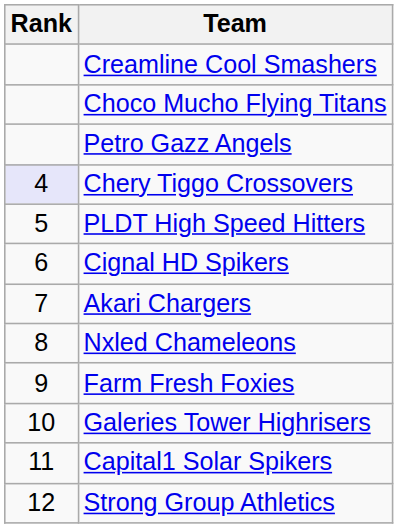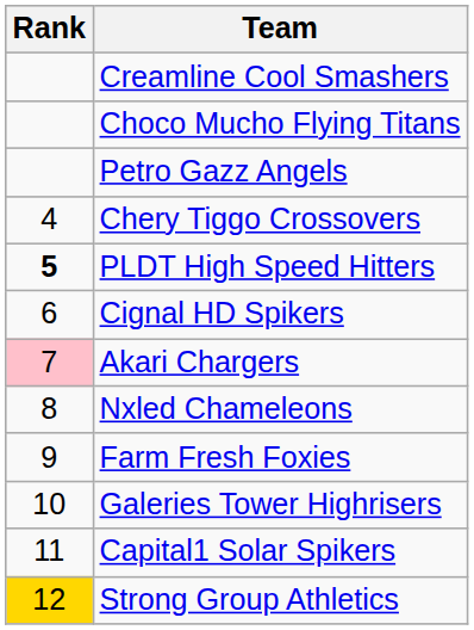 <table class="wikitable" style="text-align: center">
 <tr>
 <th>Rank</th>
 <th>Team</th>
 </tr>
 <tr>
 <td></td>
 <td style="text-align:left"><a href='#'>Creamline Cool Smashers</a></td>
 </tr>
 <tr>
 <td></td>
 <td style="text-align:left"><a href='#'>Choco Mucho Flying Titans</a></td>
 </tr>
 <tr>
 <td></td>
 <td style="text-align:left"><a href='#'>Petro Gazz Angels</a></td>
 </tr>
 <tr>
-<td style="background: lavender;">4</td>
+<td>4</td>
 <td style="text-align:left"><a href='#'>Chery Tiggo Crossovers</a></td>
 </tr>
 <tr>
-<td>5</td>
+<td><strong>5</strong></td>
 <td style="text-align:left"><a href='#'>PLDT High Speed Hitters</a></td>
 </tr>
 <tr>
 <td>6</td>
 <td style="text-align:left"><a href='#'>Cignal HD Spikers</a></td>
 </tr>
 <tr>
-<td>7</td>
+<td style="background: pink;">7</td>
 <td style="text-align:left"><a href='#'>Akari Chargers</a></td>
 </tr>
 <tr>
 <td>8</td>
 <td style="text-align:left"><a href='#'>Nxled Chameleons</a></td>
 </tr>
 <tr>
 <td>9</td>
 <td style="text-align:left"><a href='#'>Farm Fresh Foxies</a></td>
 </tr>
 <tr>
 <td>10</td>
 <td style="text-align:left"><a href='#'>Galeries Tower Highrisers</a></td>
 </tr>
 <tr>
 <td>11</td>
 <td style="text-align:left"><a href='#'>Capital1 Solar Spikers</a></td>
 </tr>
 <tr>
-<td>12</td>
+<td style="background: gold;">12</td>
 <td style="text-align:left"><a href='#'>Strong Group Athletics</a></td>
 </tr>
 </table>
